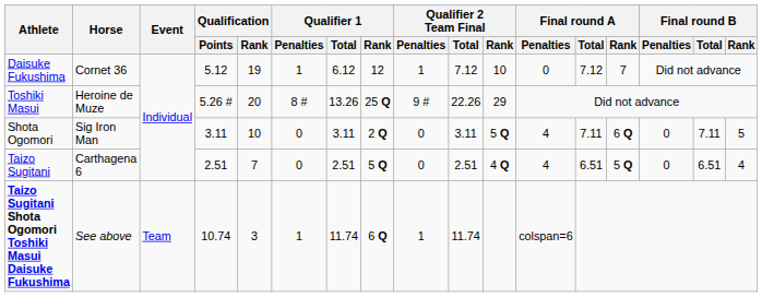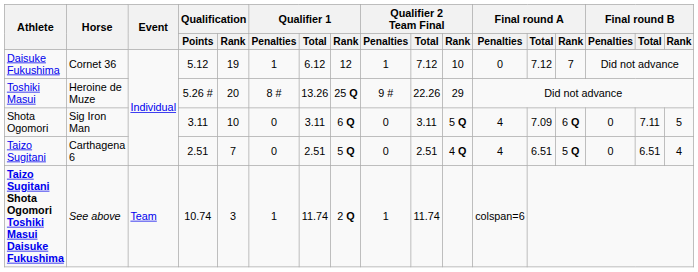 <table class=wikitable style=font-size:90%;text-align:center>
 <tr>
 <th rowspan=2>Athlete</th>
 <th rowspan=2>Horse</th>
 <th rowspan=2>Event</th>
 <th colspan=2>Qualification</th>
 <th colspan=3>Qualifier 1</th>
 <th colspan=3>Qualifier 2<br>Team Final</th>
 <th colspan=3>Final round A</th>
 <th colspan=3>Final round B</th>
 </tr>
 <tr style="font-size:95%">
 <th>Points</th>
 <th>Rank</th>
 <th>Penalties</th>
 <th>Total</th>
 <th>Rank</th>
 <th>Penalties</th>
 <th>Total</th>
 <th>Rank</th>
 <th>Penalties</th>
 <th>Total</th>
 <th>Rank</th>
 <th>Penalties</th>
 <th>Total</th>
 <th>Rank</th>
 </tr>
 <tr>
 <td style="text-align:left"><a href='#'>Daisuke Fukushima</a></td>
 <td style="text-align:left">Cornet 36</td>
 <td style="text-align:left" rowspan=4><a href='#'>Individual</a></td>
 <td>5.12</td>
 <td>19</td>
 <td>1</td>
 <td>6.12</td>
 <td>12</td>
 <td>1</td>
 <td>7.12</td>
 <td>10</td>
 <td>0</td>
 <td>7.12</td>
 <td>7</td>
 <td colspan=3>Did not advance</td>
 </tr>
 <tr>
 <td style="text-align:left"><a href='#'>Toshiki Masui</a></td>
 <td style="text-align:left">Heroine de Muze</td>
 <td>5.26 #</td>
 <td>20</td>
 <td>8 #</td>
 <td>13.26</td>
 <td>25 <strong>Q</strong></td>
 <td>9 #</td>
 <td>22.26</td>
 <td>29</td>
 <td colspan=6>Did not advance</td>
 </tr>
 <tr>
 <td style="text-align:left">Shota Ogomori</td>
 <td style="text-align:left">Sig Iron Man</td>
 <td>3.11</td>
 <td>10</td>
 <td>0</td>
 <td>3.11</td>
-<td>2 <strong>Q</strong></td>
+<td>6 <strong>Q</strong></td>
 <td>0</td>
 <td>3.11</td>
 <td>5 <strong>Q</strong></td>
 <td>4</td>
-<td>7.11</td>
+<td>7.09</td>
 <td>6 <strong>Q</strong></td>
 <td>0</td>
 <td>7.11</td>
 <td>5</td>
 </tr>
 <tr>
 <td style="text-align:left"><a href='#'>Taizo Sugitani</a></td>
 <td style="text-align:left">Carthagena 6</td>
 <td>2.51</td>
 <td>7</td>
 <td>0</td>
 <td>2.51</td>
 <td>5 <strong>Q</strong></td>
 <td>0</td>
 <td>2.51</td>
 <td>4 <strong>Q</strong></td>
 <td>4</td>
 <td>6.51</td>
 <td>5 <strong>Q</strong></td>
 <td>0</td>
 <td>6.51</td>
 <td>4</td>
 </tr>
 <tr>
 <td style="text-align:left"><strong><a href='#'>Taizo Sugitani</a><br>Shota Ogomori<br><a href='#'>Toshiki Masui</a><br><a href='#'>Daisuke Fukushima</a></strong></td>
 <td style="text-align:left"><em>See above</em></td>
 <td style="text-align:left"><a href='#'>Team</a></td>
 <td>10.74</td>
 <td>3</td>
 <td>1</td>
 <td>11.74</td>
-<td>6 <strong>Q</strong></td>
+<td>2 <strong>Q</strong></td>
 <td>1</td>
 <td>11.74</td>
 <td></td>
 <td>colspan=6 </td>
 </tr>
 </table>
